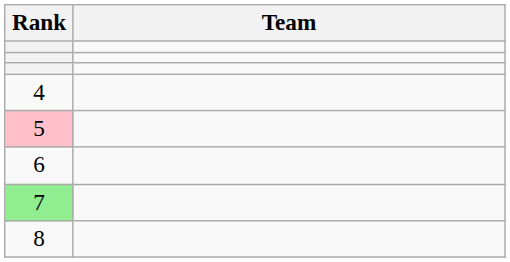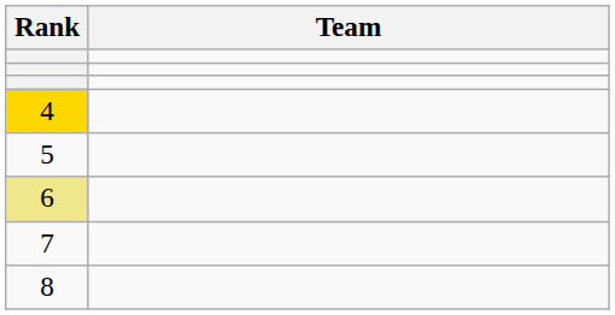 <table class="wikitable" style="text-align: center;">
 <tr>
 <th width=40>Rank</th>
 <th width=290>Team</th>
 </tr>
 <tr>
 <th></th>
 <td style="text-align:left;"><strong></strong></td>
 </tr>
 <tr>
 <th></th>
 <td style="text-align:left;"></td>
 </tr>
 <tr>
 <th></th>
 <td style="text-align:left;"></td>
 </tr>
 <tr>
-<td>4</td>
+<td style="background: gold;">4</td>
 <td style="text-align:left;"></td>
 </tr>
 <tr>
-<td style="background: pink;">5</td>
+<td>5</td>
 <td style="text-align:left;"></td>
 </tr>
 <tr>
-<td>6</td>
+<td style="background: khaki;">6</td>
 <td style="text-align:left;"></td>
 </tr>
 <tr>
-<td style="background: lightgreen;">7</td>
+<td>7</td>
 <td style="text-align:left;"></td>
 </tr>
 <tr>
 <td>8</td>
 <td style="text-align:left;"></td>
 </tr>
 </table>
